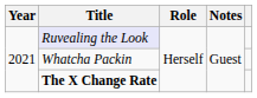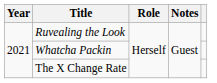 <table class="wikitable plainrowheaders sortable">
 <tr>
 <th scope="col">Year</th>
 <th scope="col">Title</th>
 <th scope="col">Role</th>
 <th scope="col">Notes</th>
 <th class="unsortable" style="text-align: center;"></th>
 </tr>
 <tr>
 <td rowspan="3">2021</td>
-<td style="background: lavender;"><em>Ruvealing the Look</em></td>
+<td><em>Ruvealing the Look</em></td>
 <td rowspan="3">Herself</td>
 <td rowspan="3">Guest</td>
 <td style="text-align: center;"></td>
 </tr>
 <tr>
 <td><em>Whatcha Packin<strong></td>
 <td style="text-align: center;"></td>
 </tr>
 <tr>
-<td><strong></em>The X Change Rate<em></strong></td>
+<td></em>The X Change Rate<em></td>
 <td style="text-align: center;"></td>
 </tr>
 </table>
